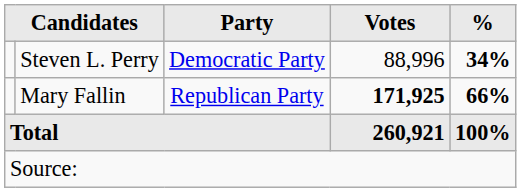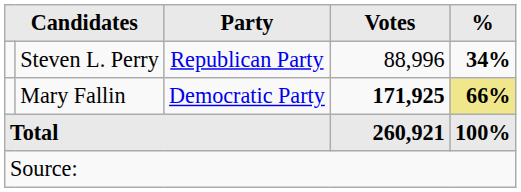 <table class=wikitable style="font-size:95%; text-align:right;">
 <tr>
 <th style="background:#e9e9e9; text-align:center;" colspan="2">Candidates</th>
 <th style="background:#e9e9e9; text-align:center;">Party</th>
 <th style="background:#e9e9e9; text-align:center;">Votes</th>
 <th style="background:#e9e9e9; text-align:center;">%</th>
 </tr>
 <tr>
 <td></td>
 <td align=left>Steven L. Perry</td>
-<td align=center><a href='#'>Democratic Party</a></td>
+<td align=center><a href='#'>Republican Party</a></td>
 <td>88,996</td>
 <td><strong>34%</strong></td>
 </tr>
 <tr>
 <td></td>
 <td align=left>Mary Fallin</td>
-<td align=center><a href='#'>Republican Party</a></td>
+<td align=center><a href='#'>Democratic Party</a></td>
 <td><strong>171,925</strong></td>
-<td><strong>66%</strong></td>
+<td style="background: khaki;"><strong>66%</strong></td>
 </tr>
 <tr style="background:#e9e9e9;">
 <td colspan="3" style="text-align:left; "><strong>Total</strong></td>
 <td style="text-align:right; width:75px; "><strong>260,921</strong></td>
 <td style="text-align:right; width:30px; "><strong>100%</strong></td>
 </tr>
 <tr>
 <td style="text-align:left;" colspan="6">Source: </td>
 </tr>
 </table>
